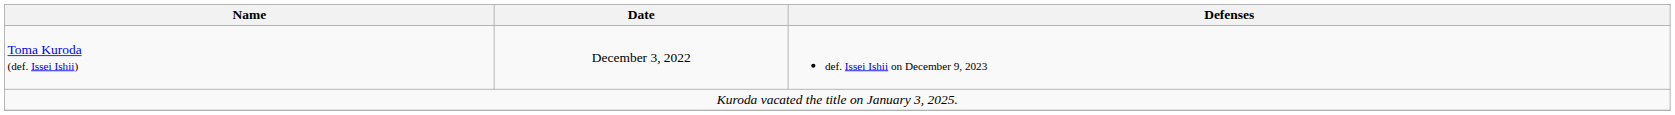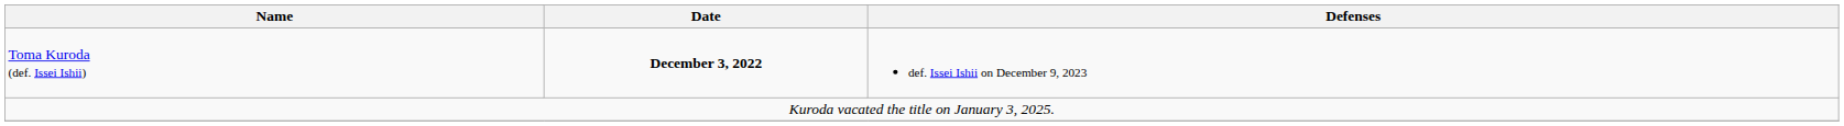 <table class="wikitable" width=100%>
 <tr>
 <th width=25%>Name</th>
 <th width=15%>Date</th>
 <th width=45%>Defenses</th>
 </tr>
 <tr>
 <td align=left> <a href='#'>Toma Kuroda</a> <br><small>(def. <a href='#'>Issei Ishii</a>)</small></td>
-<td align=center>December 3, 2022</td>
+<td align=center><strong>December 3, 2022</strong></td>
 <td><br><ul><li><small>def. <a href='#'>Issei Ishii</a> on December 9, 2023</small></li></ul></td>
 </tr>
 <tr>
 <td colspan=3 align=center><em>Kuroda vacated the title on January 3, 2025.</em></td>
 </tr>
 <tr>
 </tr>
 </table>
